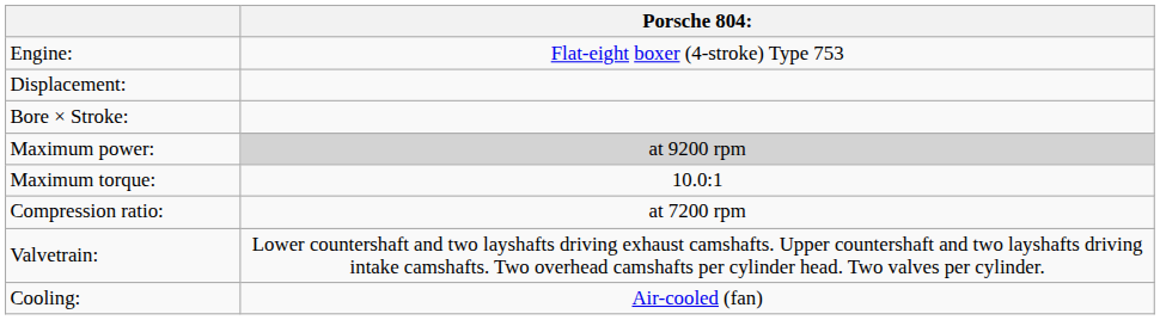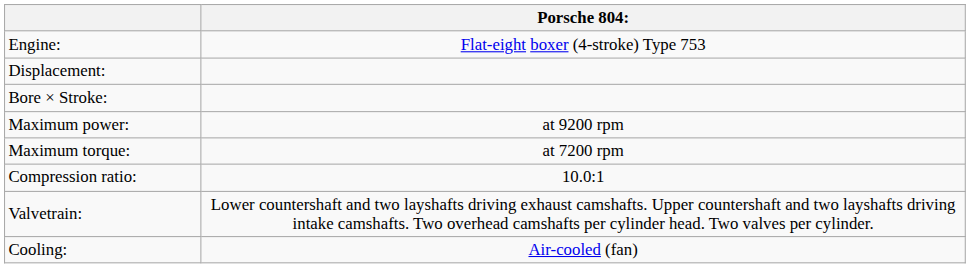 <table class="wikitable">
 <tr>
 <th width="180"></th>
 <th width="720">Porsche 804:</th>
 </tr>
 <tr>
 <td>Engine: </td>
 <td align="center"><a href='#'>Flat-eight</a> <a href='#'>boxer</a> (4-stroke) Type 753</td>
 </tr>
 <tr>
 <td>Displacement: </td>
 <td align="center"></td>
 </tr>
 <tr>
 <td>Bore × Stroke: </td>
 <td align="center"></td>
 </tr>
 <tr>
 <td>Maximum power: </td>
-<td align="center" style="background: lightgrey;"> at 9200 rpm</td>
+<td align="center"> at 9200 rpm</td>
 </tr>
 <tr>
 <td>Maximum torque: </td>
-<td align="center">10.0:1</td>
+<td align="center"> at 7200 rpm</td>
 </tr>
 <tr>
 <td>Compression ratio: </td>
-<td align="center"> at 7200 rpm</td>
+<td align="center">10.0:1</td>
 </tr>
 <tr>
 <td>Valvetrain: </td>
 <td align="center">Lower countershaft and two layshafts driving exhaust camshafts. Upper countershaft and two layshafts driving intake camshafts. Two overhead camshafts per cylinder head. Two valves per cylinder.</td>
 </tr>
 <tr>
 <td>Cooling: </td>
 <td colspan="2" align="center"><a href='#'>Air-cooled</a> (fan)</td>
 </tr>
 </table>
